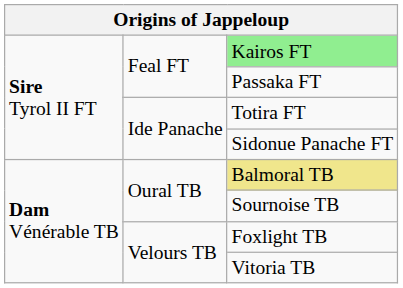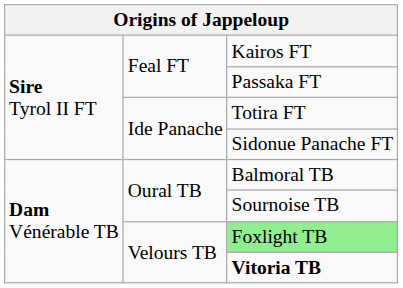 <table class="wikitable">
 <tr>
 <th colspan="3">Origins of Jappeloup</th>
 </tr>
 <tr>
 <td rowspan="4"><strong>Sire</strong><br>Tyrol II FT</td>
 <td rowspan="2">Feal FT</td>
-<td style="background: lightgreen;">Kairos FT</td>
+<td>Kairos FT</td>
 </tr>
 <tr>
 <td>Passaka FT</td>
 </tr>
 <tr>
 <td rowspan="2">Ide Panache</td>
 <td>Totira FT</td>
 </tr>
 <tr>
 <td>Sidonue Panache FT</td>
 </tr>
 <tr>
 <td rowspan="4"><strong>Dam</strong><br>Vénérable TB</td>
 <td rowspan="2">Oural TB</td>
-<td style="background: khaki;">Balmoral TB</td>
+<td>Balmoral TB</td>
 </tr>
 <tr>
 <td>Sournoise TB</td>
 </tr>
 <tr>
 <td rowspan="2">Velours TB</td>
-<td>Foxlight TB</td>
+<td style="background: lightgreen;">Foxlight TB</td>
 </tr>
 <tr>
-<td>Vitoria TB</td>
+<td><strong>Vitoria TB</strong></td>
 </tr>
 </table>
